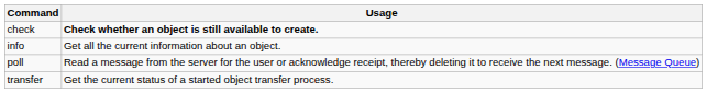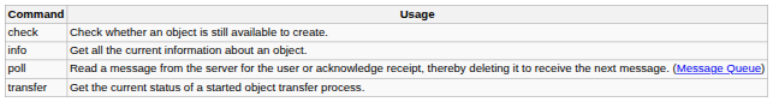 <table class="wikitable">
 <tr>
 <th>Command</th>
 <th>Usage</th>
 </tr>
 <tr>
 <td>check</td>
-<td><strong>Check whether an object is still available to create.</strong></td>
+<td>Check whether an object is still available to create.</td>
 </tr>
 <tr>
 <td>info</td>
 <td>Get all the current information about an object.</td>
 </tr>
 <tr>
 <td>poll</td>
 <td>Read a message from the server for the user or acknowledge receipt, thereby deleting it to receive the next message. (<a href='#'>Message Queue</a>)</td>
 </tr>
 <tr>
 <td>transfer</td>
 <td>Get the current status of a started object transfer process.</td>
 </tr>
 </table>
